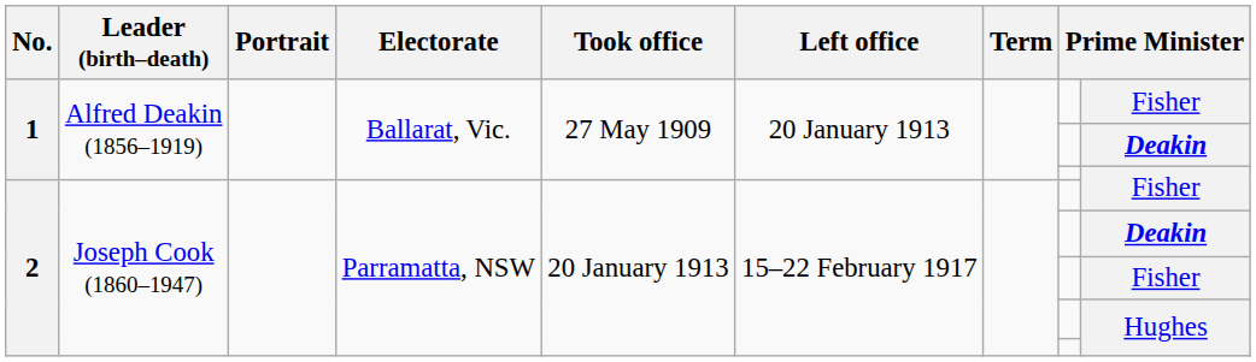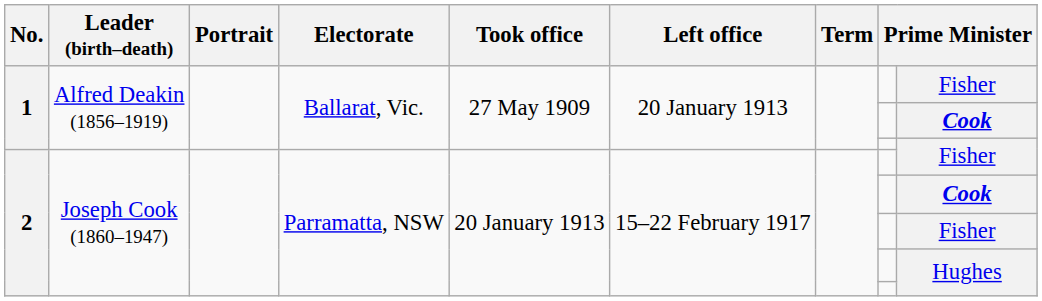 <table class="wikitable" style="text-align:center">
 <tr>
 <th>No.</th>
 <th>Leader<br><small>(birth–death)</small></th>
 <th>Portrait</th>
 <th>Electorate</th>
 <th>Took office</th>
 <th>Left office</th>
 <th>Term</th>
 <th colspan="2">Prime Minister </th>
 </tr>
 <tr>
 <th rowspan="3">1</th>
 <td rowspan="3"><a href='#'>Alfred Deakin</a><br><small>(1856–1919)</small></td>
 <td rowspan="3"></td>
 <td rowspan="3"><a href='#'>Ballarat</a>, Vic.</td>
 <td rowspan="3">27 May 1909</td>
 <td rowspan="3">20 January 1913</td>
 <td rowspan="3"></td>
 <td height=5 style="background-color: "></td>
 <th style="font-weight:normal"><a href='#'>Fisher</a> <small></small></th>
 </tr>
 <tr>
 <td height=10 style="background-color: "></td>
-<th style="font-weight:normal"><strong><em><a href='#'>Deakin</a></em></strong> <small></small></th>
+<th style="font-weight:normal"><strong><em><a href='#'>Cook</a></em></strong> <small></small></th>
 </tr>
 <tr>
 <td style="background-color: "></td>
 <th rowspan=2 style="font-weight:normal"><a href='#'>Fisher</a> <small></small></th>
 </tr>
 <tr>
 <th rowspan="6">2</th>
 <td rowspan="6"><a href='#'>Joseph Cook</a><br><small>(1860–1947)</small></td>
 <td rowspan="6"></td>
 <td rowspan="6"><a href='#'>Parramatta</a>, NSW</td>
 <td rowspan="6">20 January 1913</td>
 <td rowspan="6">15–22 February 1917</td>
 <td rowspan="6"></td>
 <td height=1 style="background-color: "></td>
 </tr>
 <tr>
 <td height=20 style="background-color: "></td>
-<th style="font-weight:normal"><strong><em><a href='#'>Deakin</a></em></strong> <small></small></th>
+<th style="font-weight:normal"><strong><em><a href='#'>Cook</a></em></strong> <small></small></th>
 </tr>
 <tr>
 <td height=10 style="background-color: "></td>
 <th style="font-weight:normal"><a href='#'>Fisher</a> <small></small></th>
 </tr>
 <tr>
 <td height=15 style="background-color: "></td>
 <th rowspan=2 style="font-weight:normal"><a href='#'>Hughes</a> <small></small></th>
 </tr>
 <tr>
 <td height=3 style="background-color: "></td>
 </tr>
 </table>
